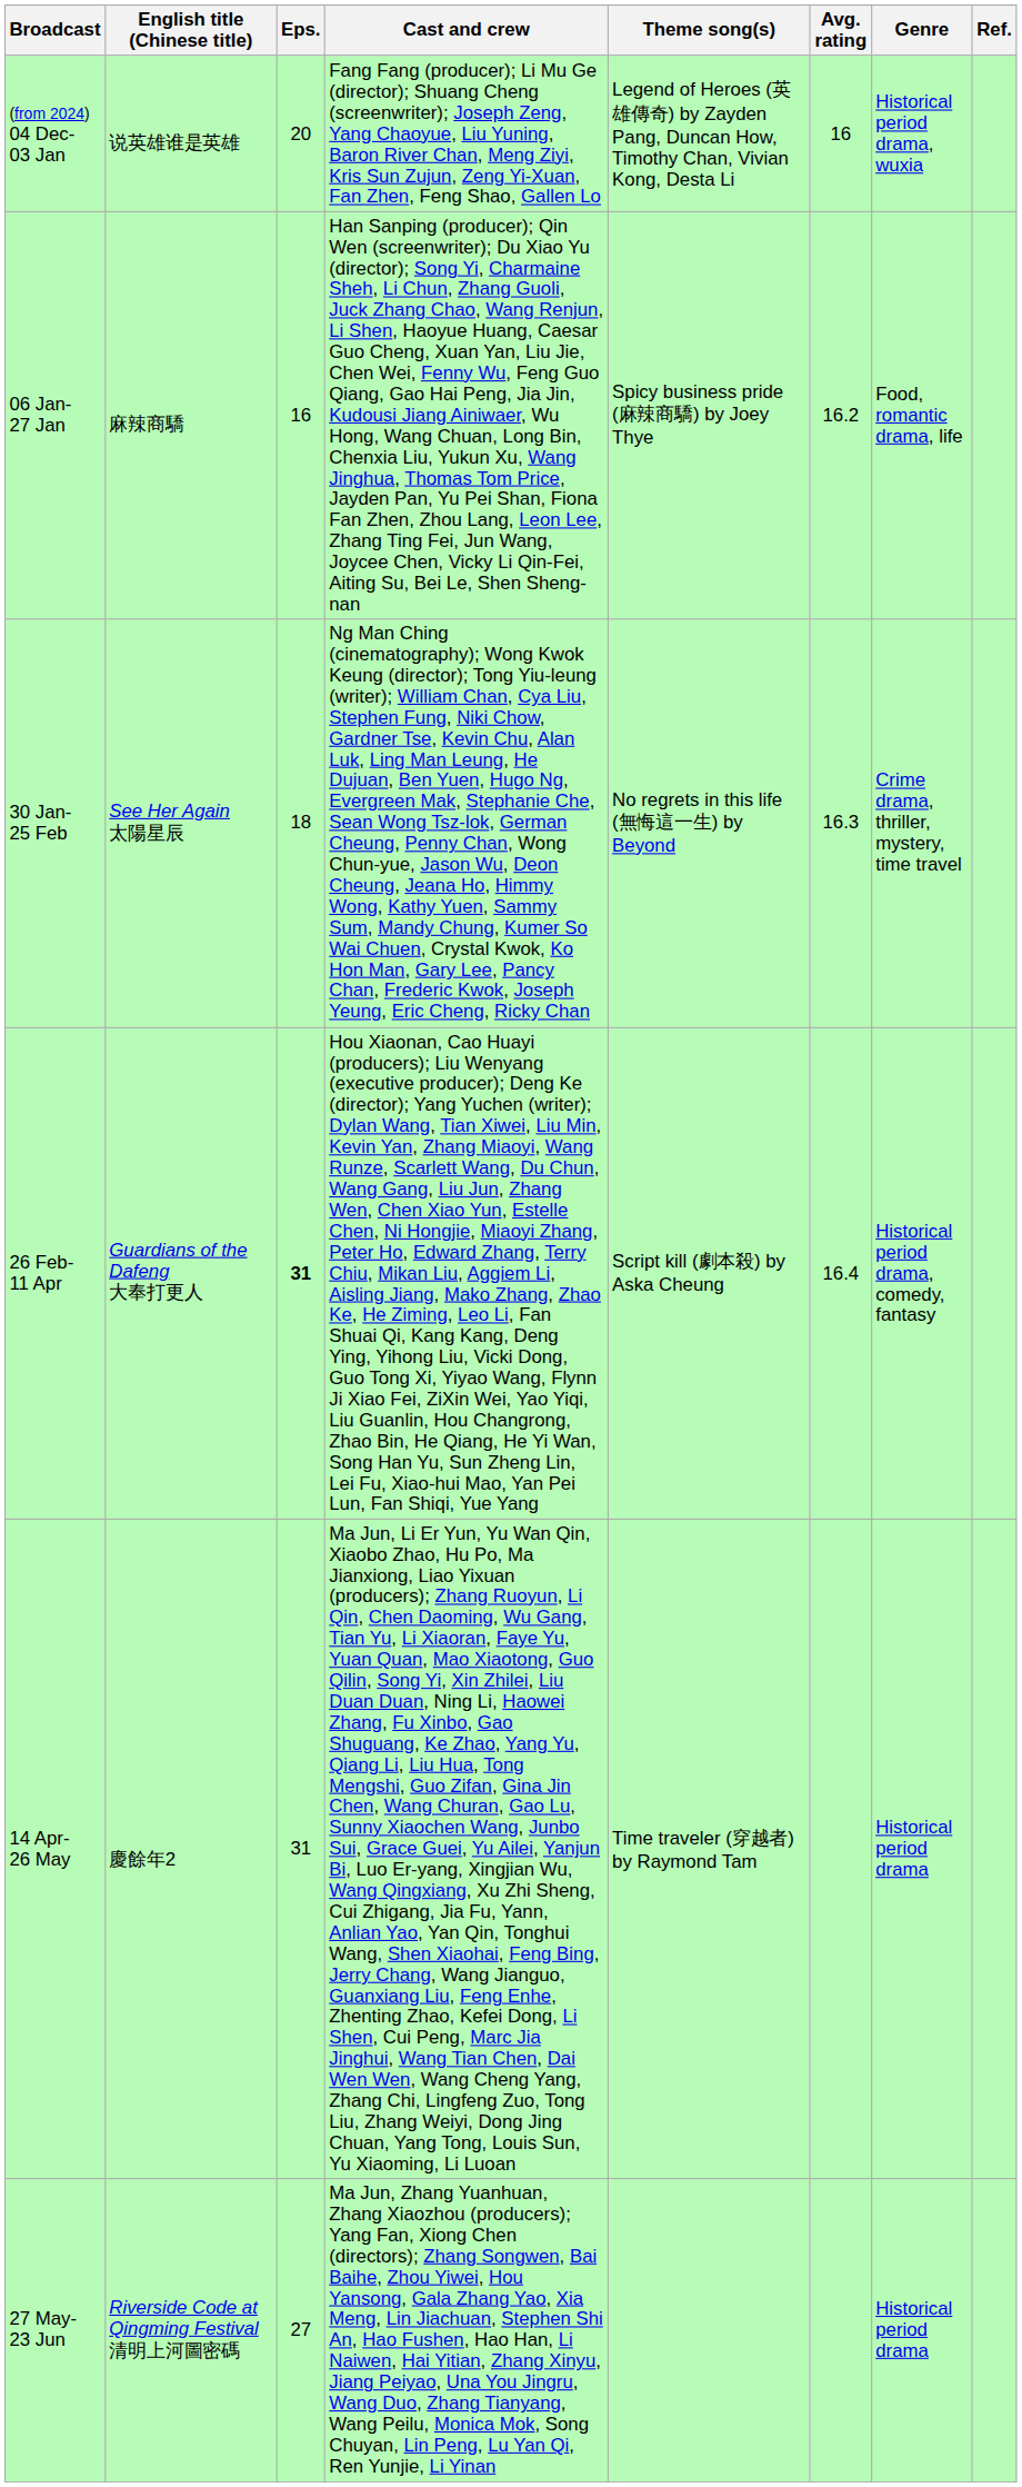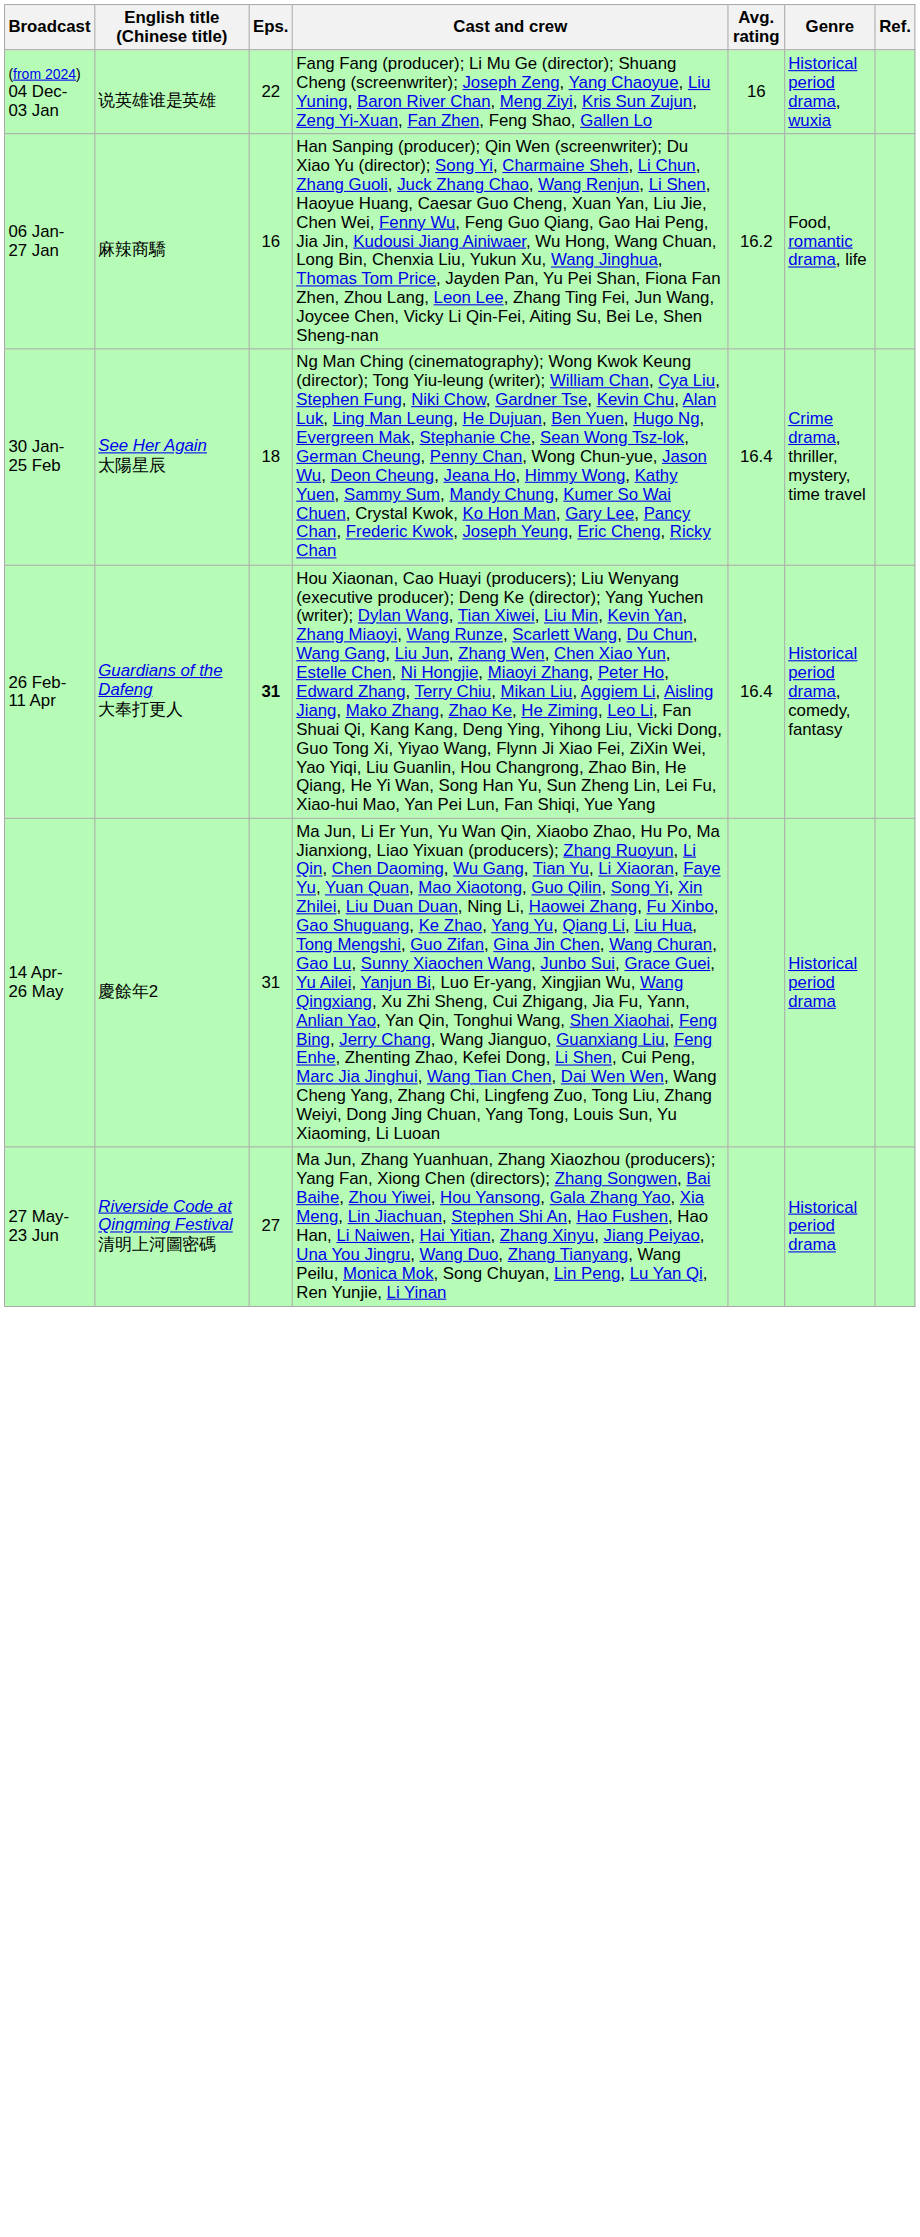 <table class="wikitable sortable">
 <tr>
 <th>Broadcast</th>
 <th style="width:17%;">English title <br> (Chinese title)</th>
 <th>Eps.</th>
 <th>Cast and crew</th>
-<th style="width:20%;">Theme song(s)</th>
 <th>Avg. rating</th>
 <th style="width:10%;">Genre</th>
 <th>Ref.</th>
 </tr>
 <tr --- bgcolor="#b6fcb6">
 <td><small>(<a href='#'>from 2024</a>) </small><br>04 Dec-<br>03 Jan</td>
 <td><em></em> <br>说英雄谁是英雄</td>
-<td style="text-align:center;">20</td>
+<td style="text-align:center;">22</td>
 <td>Fang Fang (producer); Li Mu Ge (director); Shuang Cheng (screenwriter); <a href='#'>Joseph Zeng</a>, <a href='#'>Yang Chaoyue</a>, <a href='#'>Liu Yuning</a>, <a href='#'>Baron River Chan</a>, <a href='#'>Meng Ziyi</a>, <a href='#'>Kris Sun Zujun</a>, <a href='#'>Zeng Yi-Xuan</a>, <a href='#'>Fan Zhen</a>, Feng Shao, <a href='#'>Gallen Lo</a></td>
-<td>Legend of Heroes (英雄傳奇) by Zayden Pang, Duncan How, Timothy Chan, Vivian Kong, Desta Li</td>
 <td style="text-align:center;">16</td>
 <td><a href='#'>Historical period drama</a>, <a href='#'>wuxia</a></td>
 <td></td>
 </tr>
 <tr --- bgcolor="#b6fcb6">
 <td>06 Jan-<br>27 Jan</td>
 <td><em></em> <br>麻辣商驕</td>
 <td style="text-align:center;">16</td>
 <td>Han Sanping (producer); Qin Wen (screenwriter); Du Xiao Yu (director); <a href='#'>Song Yi</a>, <a href='#'>Charmaine Sheh</a>, <a href='#'>Li Chun</a>, <a href='#'>Zhang Guoli</a>, <a href='#'>Juck Zhang Chao</a>, <a href='#'>Wang Renjun</a>, <a href='#'>Li Shen</a>, Haoyue Huang, Caesar Guo Cheng, Xuan Yan, Liu Jie, Chen Wei, <a href='#'>Fenny Wu</a>, Feng Guo Qiang, Gao Hai Peng, Jia Jin, <a href='#'>Kudousi Jiang Ainiwaer</a>, Wu Hong, Wang Chuan, Long Bin, Chenxia Liu, Yukun Xu, <a href='#'>Wang Jinghua</a>, <a href='#'>Thomas Tom Price</a>, Jayden Pan, Yu Pei Shan, Fiona Fan Zhen, Zhou Lang, <a href='#'>Leon Lee</a>, Zhang Ting Fei, Jun Wang, Joycee Chen, Vicky Li Qin-Fei, Aiting Su, Bei Le, Shen Sheng-nan</td>
-<td>Spicy business pride (麻辣商驕) by Joey Thye</td>
 <td style="text-align:center;">16.2</td>
 <td>Food, <a href='#'>romantic drama</a>, life</td>
 <td></td>
 </tr>
 <tr --- bgcolor="#b6fcb6">
 <td>30 Jan-<br>25 Feb</td>
 <td><em><a href='#'>See Her Again</a></em> <br>太陽星辰</td>
 <td style="text-align:center;">18</td>
 <td>Ng Man Ching (cinematography); Wong Kwok Keung (director); Tong Yiu-leung (writer); <a href='#'>William Chan</a>, <a href='#'>Cya Liu</a>, <a href='#'>Stephen Fung</a>, <a href='#'>Niki Chow</a>, <a href='#'>Gardner Tse</a>, <a href='#'>Kevin Chu</a>, <a href='#'>Alan Luk</a>, <a href='#'>Ling Man Leung</a>, <a href='#'>He Dujuan</a>, <a href='#'>Ben Yuen</a>, <a href='#'>Hugo Ng</a>, <a href='#'>Evergreen Mak</a>, <a href='#'>Stephanie Che</a>, <a href='#'>Sean Wong Tsz-lok</a>, <a href='#'>German Cheung</a>, <a href='#'>Penny Chan</a>, Wong Chun-yue, <a href='#'>Jason Wu</a>, <a href='#'>Deon Cheung</a>, <a href='#'>Jeana Ho</a>, <a href='#'>Himmy Wong</a>, <a href='#'>Kathy Yuen</a>, <a href='#'>Sammy Sum</a>, <a href='#'>Mandy Chung</a>, <a href='#'>Kumer So Wai Chuen</a>, Crystal Kwok, <a href='#'>Ko Hon Man</a>, <a href='#'>Gary Lee</a>, <a href='#'>Pancy Chan</a>, <a href='#'>Frederic Kwok</a>, <a href='#'>Joseph Yeung</a>, <a href='#'>Eric Cheng</a>, <a href='#'>Ricky Chan</a></td>
-<td>No regrets in this life (無悔這一生) by <a href='#'>Beyond</a></td>
-<td style="text-align:center;">16.3</td>
+<td style="text-align:center;">16.4</td>
 <td><a href='#'>Crime drama</a>, thriller, mystery, time travel</td>
 <td></td>
 </tr>
 <tr --- bgcolor="#b6fcb6">
 <td>26 Feb-<br>11 Apr</td>
 <td><em><a href='#'>Guardians of the Dafeng</a></em> <br>大奉打更人</td>
 <td style="text-align:center;"><strong>31</strong></td>
 <td>Hou Xiaonan, Cao Huayi (producers); Liu Wenyang (executive producer); Deng Ke (director); Yang Yuchen (writer); <a href='#'>Dylan Wang</a>, <a href='#'>Tian Xiwei</a>, <a href='#'>Liu Min</a>, <a href='#'>Kevin Yan</a>, <a href='#'>Zhang Miaoyi</a>, <a href='#'>Wang Runze</a>, <a href='#'>Scarlett Wang</a>, <a href='#'>Du Chun</a>, <a href='#'>Wang Gang</a>, <a href='#'>Liu Jun</a>, <a href='#'>Zhang Wen</a>, <a href='#'>Chen Xiao Yun</a>, <a href='#'>Estelle Chen</a>, <a href='#'>Ni Hongjie</a>, <a href='#'>Miaoyi Zhang</a>, <a href='#'>Peter Ho</a>, <a href='#'>Edward Zhang</a>, <a href='#'>Terry Chiu</a>, <a href='#'>Mikan Liu</a>, <a href='#'>Aggiem Li</a>, <a href='#'>Aisling Jiang</a>, <a href='#'>Mako Zhang</a>, <a href='#'>Zhao Ke</a>, <a href='#'>He Ziming</a>, <a href='#'>Leo Li</a>, Fan Shuai Qi, Kang Kang, Deng Ying, Yihong Liu, Vicki Dong, Guo Tong Xi, Yiyao Wang, Flynn Ji Xiao Fei, ZiXin Wei, Yao Yiqi, Liu Guanlin, Hou Changrong, Zhao Bin, He Qiang, He Yi Wan, Song Han Yu, Sun Zheng Lin, Lei Fu, Xiao-hui Mao, Yan Pei Lun, Fan Shiqi, Yue Yang</td>
-<td>Script kill (劇本殺) by Aska Cheung</td>
 <td style="text-align:center;">16.4</td>
 <td><a href='#'>Historical period drama</a>, comedy, fantasy</td>
 <td></td>
 </tr>
 <tr --- bgcolor="#b6fcb6">
 <td>14 Apr-<br>26 May</td>
 <td><em></em> <br>慶餘年2</td>
 <td style="text-align:center;">31</td>
 <td>Ma Jun, Li Er Yun, Yu Wan Qin, Xiaobo Zhao, Hu Po, Ma Jianxiong, Liao Yixuan (producers); <a href='#'>Zhang Ruoyun</a>, <a href='#'>Li Qin</a>, <a href='#'>Chen Daoming</a>, <a href='#'>Wu Gang</a>, <a href='#'>Tian Yu</a>, <a href='#'>Li Xiaoran</a>, <a href='#'>Faye Yu</a>, <a href='#'>Yuan Quan</a>, <a href='#'>Mao Xiaotong</a>, <a href='#'>Guo Qilin</a>, <a href='#'>Song Yi</a>, <a href='#'>Xin Zhilei</a>, <a href='#'>Liu Duan Duan</a>, Ning Li, <a href='#'>Haowei Zhang</a>, <a href='#'>Fu Xinbo</a>, <a href='#'>Gao Shuguang</a>, <a href='#'>Ke Zhao</a>, <a href='#'>Yang Yu</a>, <a href='#'>Qiang Li</a>, <a href='#'>Liu Hua</a>, <a href='#'>Tong Mengshi</a>, <a href='#'>Guo Zifan</a>, <a href='#'>Gina Jin Chen</a>, <a href='#'>Wang Churan</a>, <a href='#'>Gao Lu</a>, <a href='#'>Sunny Xiaochen Wang</a>, <a href='#'>Junbo Sui</a>, <a href='#'>Grace Guei</a>, <a href='#'>Yu Ailei</a>, <a href='#'>Yanjun Bi</a>, Luo Er-yang, Xingjian Wu, <a href='#'>Wang Qingxiang</a>, Xu Zhi Sheng, Cui Zhigang, Jia Fu, Yann, <a href='#'>Anlian Yao</a>, Yan Qin, Tonghui Wang, <a href='#'>Shen Xiaohai</a>, <a href='#'>Feng Bing</a>, <a href='#'>Jerry Chang</a>, Wang Jianguo, <a href='#'>Guanxiang Liu</a>, <a href='#'>Feng Enhe</a>, Zhenting Zhao, Kefei Dong, <a href='#'>Li Shen</a>, Cui Peng, <a href='#'>Marc Jia Jinghui</a>, <a href='#'>Wang Tian Chen</a>, <a href='#'>Dai Wen Wen</a>, Wang Cheng Yang, Zhang Chi, Lingfeng Zuo, Tong Liu, Zhang Weiyi, Dong Jing Chuan, Yang Tong, Louis Sun, Yu Xiaoming, Li Luoan</td>
-<td>Time traveler (穿越者) by Raymond Tam</td>
 <td style="text-align:center;"></td>
 <td><a href='#'>Historical period drama</a></td>
 <td></td>
 </tr>
 <tr --- bgcolor="b6fcb6">
 <td>27 May-<br>23 Jun</td>
 <td><em><a href='#'>Riverside Code at Qingming Festival</a></em> <br> 清明上河圖密碼</td>
 <td style="text-align:center">27</td>
 <td>Ma Jun, Zhang Yuanhuan, Zhang Xiaozhou (producers); Yang Fan, Xiong Chen (directors); <a href='#'>Zhang Songwen</a>, <a href='#'>Bai Baihe</a>, <a href='#'>Zhou Yiwei</a>, <a href='#'>Hou Yansong</a>, <a href='#'>Gala Zhang Yao</a>, <a href='#'>Xia Meng</a>, <a href='#'>Lin Jiachuan</a>, <a href='#'>Stephen Shi An</a>, <a href='#'>Hao Fushen</a>, Hao Han, <a href='#'>Li Naiwen</a>, <a href='#'>Hai Yitian</a>, <a href='#'>Zhang Xinyu</a>, <a href='#'>Jiang Peiyao</a>, <a href='#'>Una You Jingru</a>, <a href='#'>Wang Duo</a>, <a href='#'>Zhang Tianyang</a>, Wang Peilu, <a href='#'>Monica Mok</a>, Song Chuyan, <a href='#'>Lin Peng</a>, <a href='#'>Lu Yan Qi</a>, Ren Yunjie, <a href='#'>Li Yinan</a></td>
-<td></td>
 <td style="text-align:center"></td>
 <td><a href='#'>Historical period drama</a></td>
 <td></td>
 </tr>
 </table>
